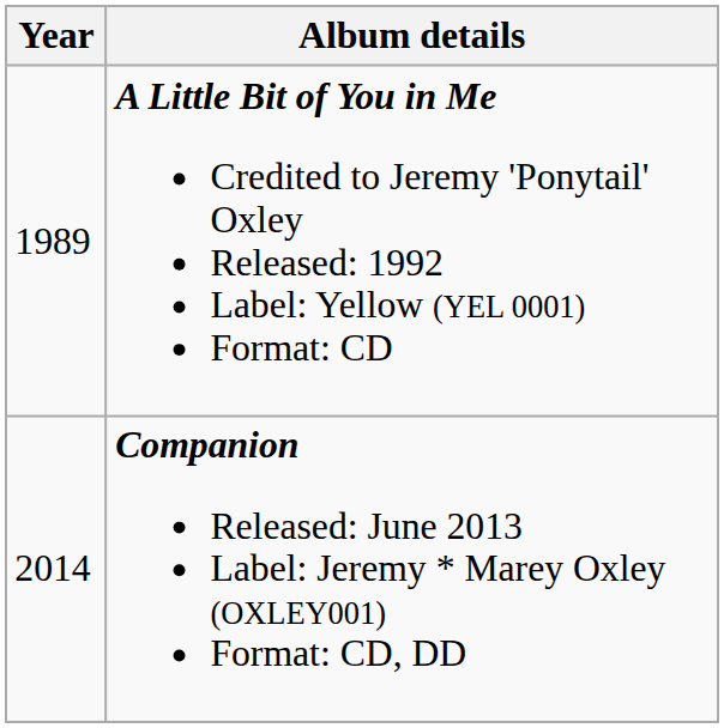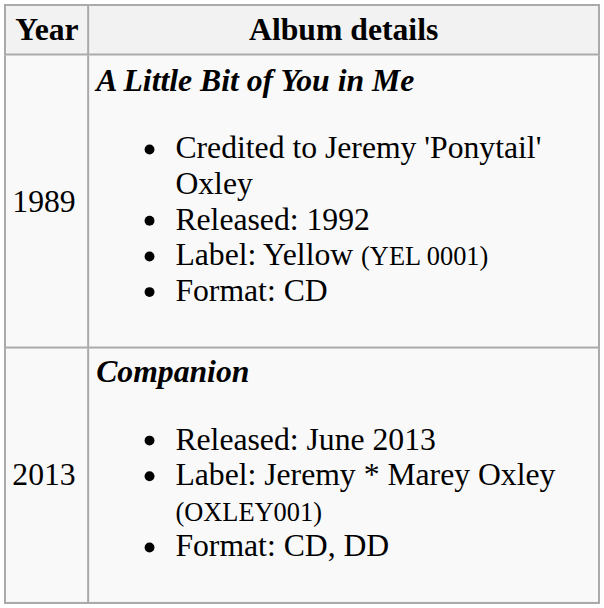 <table class="wikitable" border="1">
 <tr>
 <th width="35px">Year</th>
 <th width="250px">Album details</th>
 </tr>
 <tr>
 <td>1989</td>
 <td><strong><em>A Little Bit of You in Me</em></strong><br><ul><li>Credited to Jeremy 'Ponytail' Oxley</li><li>Released: 1992</li><li>Label: Yellow <small>(YEL 0001)</small></li><li>Format: CD</li></ul></td>
 </tr>
 <tr>
-<td>2014</td>
+<td>2013</td>
 <td><strong><em>Companion</em></strong><br><ul><li>Released: June 2013</li><li>Label: Jeremy * Marey Oxley <small>(OXLEY001)</small></li><li>Format: CD, DD</li></ul></td>
 </tr>
 <tr>
 </tr>
 </table>
